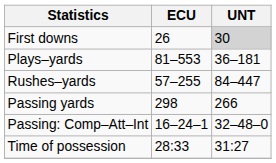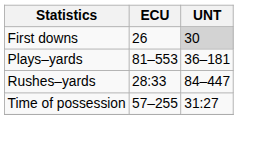 <table class="wikitable" style="float: left;">
 <tr>
 <th>Statistics</th>
 <th>ECU</th>
 <th>UNT</th>
 </tr>
 <tr>
 <td>First downs</td>
 <td>26</td>
 <td style="background: lightgrey;">30</td>
 </tr>
 <tr>
 <td>Plays–yards</td>
 <td>81–553</td>
 <td>36–181</td>
 </tr>
 <tr>
 <td>Rushes–yards</td>
-<td>57–255</td>
+<td>28:33</td>
 <td>84–447</td>
 </tr>
 <tr>
-<td>Passing yards</td>
-<td>298</td>
-<td>266</td>
-</tr>
-<tr>
-<td>Passing: Comp–Att–Int</td>
-<td>16–24–1</td>
-<td>32–48–0</td>
-</tr>
-<tr>
 <td>Time of possession</td>
-<td>28:33</td>
+<td>57–255</td>
 <td>31:27</td>
 </tr>
 <tr>
 </tr>
 </table>
